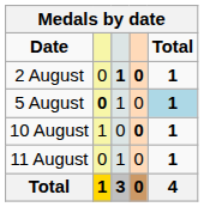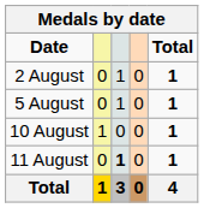 <table class="wikitable" style="font-size:85%">
 <tr bgcolor="#efefef">
 <th colspan=6>Medals by date</th>
 </tr>
 <tr align=center>
 <td><strong>Date</strong></td>
 <td bgcolor=#f7f6a8></td>
 <td bgcolor=#dce5e5></td>
 <td bgcolor=#ffdab9></td>
 <td><strong>Total</strong></td>
 </tr>
 <tr align=center>
 <td>2 August</td>
 <td style="background:#F7F6A8;">0</td>
-<td style="background:#DCE5E5;"><strong>1</strong></td>
-<td style="background:#FFDAB9;"><strong>0</strong></td>
+<td style="background:#DCE5E5;">1</td>
+<td style="background:#FFDAB9;">0</td>
 <td><strong>1</strong></td>
 </tr>
 <tr align=center>
 <td>5 August</td>
-<td style="background:#F7F6A8;"><strong>0</strong></td>
+<td style="background:#F7F6A8;">0</td>
 <td style="background:#DCE5E5;">1</td>
 <td style="background:#FFDAB9;">0</td>
-<td style="background: lightblue;"><strong>1</strong></td>
+<td><strong>1</strong></td>
 </tr>
 <tr align=center>
 <td>10 August</td>
 <td style="background:#F7F6A8;">1</td>
 <td style="background:#DCE5E5;">0</td>
-<td style="background:#FFDAB9;"><strong>0</strong></td>
+<td style="background:#FFDAB9;">0</td>
 <td><strong>1</strong></td>
 </tr>
 <tr align=center>
 <td>11 August</td>
 <td style="background:#F7F6A8;">0</td>
-<td style="background:#DCE5E5;">1</td>
+<td style="background:#DCE5E5;"><strong>1</strong></td>
 <td style="background:#FFDAB9;">0</td>
 <td><strong>1</strong></td>
 </tr>
 <tr align=center>
 <th><strong>Total</strong></th>
 <th style="background:gold;"><strong>1</strong></th>
 <th style="background:silver;"><strong>3</strong></th>
 <th style="background:#c96;"><strong>0</strong></th>
 <th>4</th>
 </tr>
 </table>
